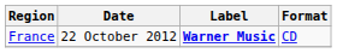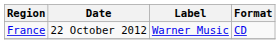 <table class="wikitable">
 <tr>
 <th>Region</th>
 <th>Date</th>
 <th>Label</th>
 <th>Format</th>
 </tr>
 <tr>
 <td><a href='#'>France</a></td>
 <td>22 October 2012</td>
-<td><strong><a href='#'>Warner Music</a></strong></td>
+<td><a href='#'>Warner Music</a></td>
 <td><a href='#'>CD</a></td>
 </tr>
 <tr>
 </tr>
 </table>
